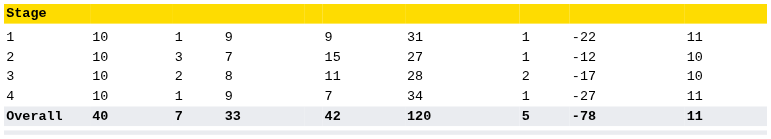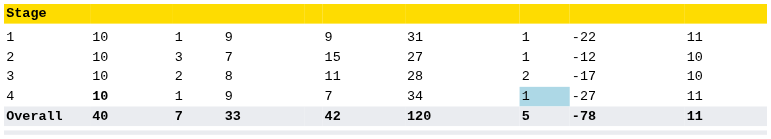 <table class="toccolours" border=0 cellpadding="2" cellspacing="0" style="font-size:95%; text-align:left; width:700px;">
 <tr align="left" style="background:#FEDC01; color:#000000;">
 <th style="width:75px">Stage</th>
 <th></th>
 <th></th>
 <th></th>
 <th></th>
 <th></th>
 <th></th>
 <th></th>
 <th></th>
 <th></th>
 </tr>
 <tr>
 <td colspan = "10"></td>
 </tr>
 <tr>
 <td>1</td>
 <td>10</td>
 <td>1</td>
 <td>9</td>
 <td></td>
 <td>9</td>
 <td>31</td>
 <td>1</td>
 <td>-22</td>
 <td>11</td>
 </tr>
 <tr>
 <td>2</td>
 <td>10</td>
 <td>3</td>
 <td>7</td>
 <td></td>
 <td>15</td>
 <td>27</td>
 <td>1</td>
 <td>-12</td>
 <td>10</td>
 </tr>
 <tr>
 <td>3</td>
 <td>10</td>
 <td>2</td>
 <td>8</td>
 <td></td>
 <td>11</td>
 <td>28</td>
 <td>2</td>
 <td>-17</td>
 <td>10</td>
 </tr>
 <tr>
 <td>4</td>
-<td>10</td>
+<td><strong>10</strong></td>
 <td>1</td>
 <td>9</td>
 <td></td>
 <td>7</td>
 <td>34</td>
-<td>1</td>
+<td style="background: lightblue;">1</td>
 <td>-27</td>
 <td>11</td>
 </tr>
 <tr style="background:#EAECF0;">
 <th>Overall</th>
 <th>40</th>
 <th>7</th>
 <th>33</th>
 <th></th>
 <th>42</th>
 <th>120</th>
 <th>5</th>
 <th>-78</th>
 <th>11</th>
 </tr>
 <tr>
 <td colspan="10"></td>
 </tr>
 <tr style="background:#EAECF0;">
 <td colspan="10" style="text-align:center;"></td>
 </tr>
 </table>
